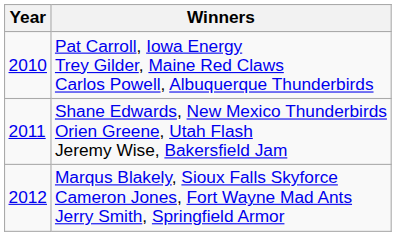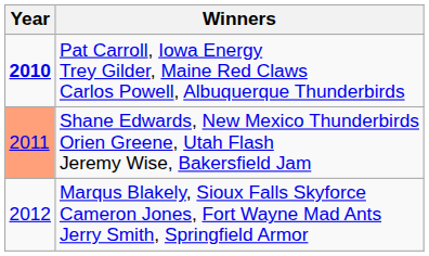 <table class="wikitable">
 <tr>
 <th>Year</th>
 <th>Winners</th>
 </tr>
 <tr>
-<td><a href='#'>2010</a></td>
+<td><strong><a href='#'>2010</a></strong></td>
 <td><a href='#'>Pat Carroll</a>, <a href='#'>Iowa Energy</a><br><a href='#'>Trey Gilder</a>, <a href='#'>Maine Red Claws</a><br><a href='#'>Carlos Powell</a>, <a href='#'>Albuquerque Thunderbirds</a></td>
 </tr>
 <tr>
-<td><a href='#'>2011</a></td>
+<td style="background: lightsalmon;"><a href='#'>2011</a></td>
 <td><a href='#'>Shane Edwards</a>, <a href='#'>New Mexico Thunderbirds</a><br><a href='#'>Orien Greene</a>, <a href='#'>Utah Flash</a><br>Jeremy Wise, <a href='#'>Bakersfield Jam</a></td>
 </tr>
 <tr>
 <td><a href='#'>2012</a></td>
 <td><a href='#'>Marqus Blakely</a>, <a href='#'>Sioux Falls Skyforce</a><br><a href='#'>Cameron Jones</a>, <a href='#'>Fort Wayne Mad Ants</a><br><a href='#'>Jerry Smith</a>, <a href='#'>Springfield Armor</a></td>
 </tr>
 </table>
